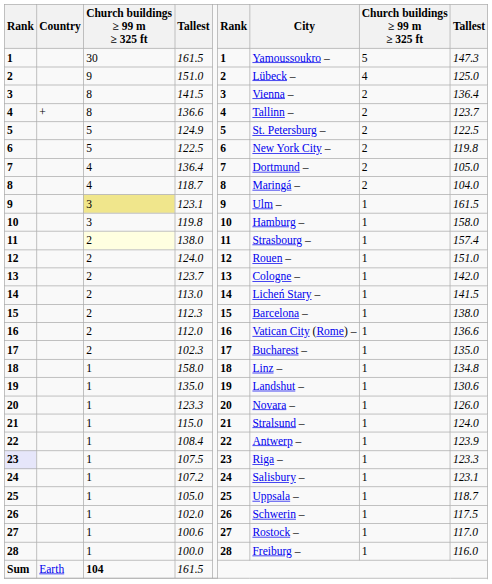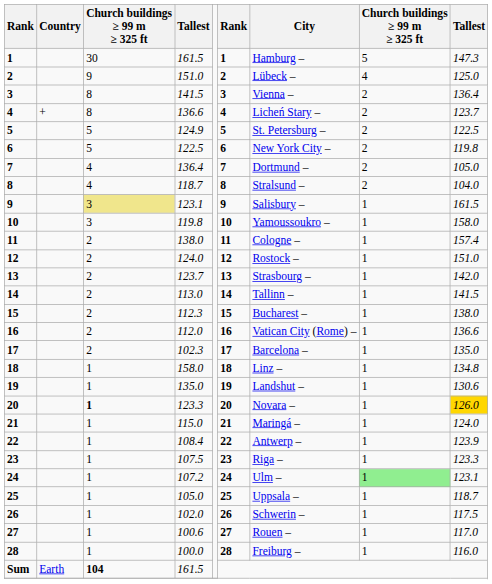 <table class ="wikitable" align="center">
 <tr>
 <th>Rank</th>
 <th>Country</th>
 <th>Church buildings<br>≥ 99 m<br>≥ 325 ft</th>
 <th>Tallest</th>
 <td rowspan=30></td>
 <th>Rank</th>
 <th>City</th>
 <th>Church buildings<br>≥ 99 m<br>≥ 325 ft</th>
 <th>Tallest</th>
 </tr>
 <tr>
 <td><strong>1</strong></td>
 <td></td>
 <td>30</td>
 <td><em>161.5</em></td>
 <td><strong>1</strong></td>
-<td><a href='#'>Yamoussoukro</a> – </td>
+<td><a href='#'>Hamburg</a> – </td>
 <td>5</td>
 <td><em>147.3</em></td>
 </tr>
 <tr>
 <td><strong>2</strong></td>
 <td></td>
 <td>9</td>
 <td><em>151.0</em></td>
 <td><strong>2</strong></td>
 <td><a href='#'>Lübeck</a> – </td>
 <td>4</td>
 <td><em>125.0</em></td>
 </tr>
 <tr>
 <td><strong>3</strong></td>
 <td></td>
 <td>8</td>
 <td><em>141.5</em></td>
 <td><strong>3</strong></td>
 <td><a href='#'>Vienna</a> – </td>
 <td>2</td>
 <td><em>136.4</em></td>
 </tr>
 <tr>
 <td><strong>4</strong></td>
 <td> + </td>
 <td>8 </td>
 <td><em>136.6</em></td>
 <td><strong>4</strong></td>
-<td><a href='#'>Tallinn</a> – </td>
+<td><a href='#'>Licheń Stary</a> – </td>
 <td>2</td>
 <td><em>123.7</em></td>
 </tr>
 <tr>
 <td><strong>5</strong></td>
 <td></td>
 <td>5 </td>
 <td><em>124.9</em></td>
 <td><strong>5</strong></td>
 <td><a href='#'>St. Petersburg</a> – </td>
 <td>2</td>
 <td><em>122.5</em></td>
 </tr>
 <tr>
 <td><strong>6</strong></td>
 <td></td>
 <td>5</td>
 <td><em>122.5</em></td>
 <td><strong>6</strong></td>
 <td><a href='#'>New York City</a> – </td>
 <td>2</td>
 <td><em>119.8</em></td>
 </tr>
 <tr>
 <td><strong>7</strong></td>
 <td></td>
 <td>4</td>
 <td><em>136.4</em></td>
 <td><strong>7</strong></td>
 <td><a href='#'>Dortmund</a> – </td>
 <td>2</td>
 <td><em>105.0</em></td>
 </tr>
 <tr>
 <td><strong>8</strong></td>
 <td></td>
 <td>4</td>
 <td><em>118.7</em></td>
 <td><strong>8</strong></td>
-<td><a href='#'>Maringá</a> – </td>
+<td><a href='#'>Stralsund</a> – </td>
 <td>2</td>
 <td><em>104.0</em></td>
 </tr>
 <tr>
 <td><strong>9</strong></td>
 <td></td>
 <td style="background: khaki;">3 </td>
 <td><em>123.1</em></td>
 <td><strong>9</strong></td>
-<td><a href='#'>Ulm</a> – </td>
+<td><a href='#'>Salisbury</a> – </td>
 <td>1</td>
 <td><em>161.5</em></td>
 </tr>
 <tr>
 <td><strong>10</strong></td>
 <td></td>
 <td>3</td>
 <td><em>119.8</em></td>
 <td><strong>10</strong></td>
-<td><a href='#'>Hamburg</a> – </td>
+<td><a href='#'>Yamoussoukro</a> – </td>
 <td>1</td>
 <td><em>158.0</em></td>
 </tr>
 <tr>
 <td><strong>11</strong></td>
 <td></td>
-<td style="background: lightyellow;">2 </td>
+<td>2 </td>
 <td><em>138.0</em></td>
 <td><strong>11</strong></td>
-<td><a href='#'>Strasbourg</a> – </td>
+<td><a href='#'>Cologne</a> – </td>
 <td>1</td>
 <td><em>157.4</em></td>
 </tr>
 <tr>
 <td><strong>12</strong></td>
 <td></td>
 <td>2</td>
 <td><em>124.0</em></td>
 <td><strong>12</strong></td>
-<td><a href='#'>Rouen</a> – </td>
+<td><a href='#'>Rostock</a> – </td>
 <td>1</td>
 <td><em>151.0</em></td>
 </tr>
 <tr>
 <td><strong>13</strong></td>
 <td></td>
 <td>2</td>
 <td><em>123.7</em></td>
 <td><strong>13</strong></td>
-<td><a href='#'>Cologne</a> – </td>
+<td><a href='#'>Strasbourg</a> – </td>
 <td>1</td>
 <td><em>142.0</em></td>
 </tr>
 <tr>
 <td><strong>14</strong></td>
 <td></td>
 <td>2</td>
 <td><em>113.0</em></td>
 <td><strong>14</strong></td>
-<td><a href='#'>Licheń Stary</a> – </td>
+<td><a href='#'>Tallinn</a> – </td>
 <td>1</td>
 <td><em>141.5</em></td>
 </tr>
 <tr>
 <td><strong>15</strong></td>
 <td></td>
 <td>2</td>
 <td><em>112.3</em></td>
 <td><strong>15</strong></td>
-<td><a href='#'>Barcelona</a> – </td>
+<td><a href='#'>Bucharest</a> – </td>
 <td>1 </td>
 <td><em>138.0</em></td>
 </tr>
 <tr>
 <td><strong>16</strong></td>
 <td></td>
 <td>2</td>
 <td><em>112.0</em></td>
 <td><strong>16</strong></td>
 <td><a href='#'>Vatican City</a> (<a href='#'>Rome</a>) – </td>
 <td>1</td>
 <td><em>136.6</em></td>
 </tr>
 <tr>
 <td><strong>17</strong></td>
 <td></td>
 <td>2</td>
 <td><em>102.3</em></td>
 <td><strong>17</strong></td>
-<td><a href='#'>Bucharest</a> – </td>
+<td><a href='#'>Barcelona</a> – </td>
 <td>1 </td>
 <td><em>135.0</em></td>
 </tr>
 <tr>
 <td><strong>18</strong></td>
 <td></td>
 <td>1</td>
 <td><em>158.0</em></td>
 <td><strong>18</strong></td>
 <td><a href='#'>Linz</a> – </td>
 <td>1</td>
 <td><em>134.8</em></td>
 </tr>
 <tr>
 <td><strong>19</strong></td>
 <td></td>
 <td>1 </td>
 <td><em>135.0</em></td>
 <td><strong>19</strong></td>
 <td><a href='#'>Landshut</a> – </td>
 <td>1</td>
 <td><em>130.6</em></td>
 </tr>
 <tr>
 <td><strong>20</strong></td>
 <td></td>
-<td>1</td>
+<td><strong>1</strong></td>
 <td><em>123.3</em></td>
 <td><strong>20</strong></td>
 <td><a href='#'>Novara</a> – </td>
 <td>1</td>
-<td><em>126.0</em></td>
+<td style="background: gold;"><em>126.0</em></td>
 </tr>
 <tr>
 <td><strong>21</strong></td>
 <td></td>
 <td>1</td>
 <td><em>115.0</em></td>
 <td><strong>21</strong></td>
-<td><a href='#'>Stralsund</a> – </td>
+<td><a href='#'>Maringá</a> – </td>
 <td>1</td>
 <td><em>124.0</em></td>
 </tr>
 <tr>
 <td><strong>22</strong></td>
 <td></td>
 <td>1</td>
 <td><em>108.4</em></td>
 <td><strong>22</strong></td>
 <td><a href='#'>Antwerp</a> – </td>
 <td>1</td>
 <td><em>123.9</em></td>
 </tr>
 <tr>
-<td style="background: lavender;"><strong>23</strong></td>
+<td><strong>23</strong></td>
 <td></td>
 <td>1</td>
 <td><em>107.5</em></td>
 <td><strong>23</strong></td>
 <td><a href='#'>Riga</a> – </td>
 <td>1</td>
 <td><em>123.3</em></td>
 </tr>
 <tr>
 <td><strong>24</strong></td>
 <td></td>
 <td>1</td>
 <td><em>107.2</em></td>
 <td><strong>24</strong></td>
-<td><a href='#'>Salisbury</a> – </td>
-<td>1</td>
+<td><a href='#'>Ulm</a> – </td>
+<td style="background: lightgreen;">1</td>
 <td><em>123.1</em></td>
 </tr>
 <tr>
 <td><strong>25</strong></td>
 <td></td>
 <td>1</td>
 <td><em>105.0</em></td>
 <td><strong>25</strong></td>
 <td><a href='#'>Uppsala</a> – </td>
 <td>1</td>
 <td><em>118.7</em></td>
 </tr>
 <tr>
 <td><strong>26</strong></td>
 <td></td>
 <td>1 </td>
 <td><em>102.0</em></td>
 <td><strong>26</strong></td>
 <td><a href='#'>Schwerin</a> – </td>
 <td>1</td>
 <td><em>117.5</em></td>
 </tr>
 <tr>
 <td><strong>27</strong></td>
 <td></td>
 <td>1</td>
 <td><em>100.6</em></td>
 <td><strong>27</strong></td>
-<td><a href='#'>Rostock</a> – </td>
+<td><a href='#'>Rouen</a> – </td>
 <td>1</td>
 <td><em>117.0</em></td>
 </tr>
 <tr>
 <td><strong>28</strong></td>
 <td></td>
 <td>1</td>
 <td><em>100.0</em></td>
 <td><strong>28</strong></td>
 <td><a href='#'>Freiburg</a> – </td>
 <td>1</td>
 <td><em>116.0</em></td>
 </tr>
 <tr>
 <td><strong>Sum</strong></td>
 <td> <a href='#'>Earth</a></td>
 <td><strong>104</strong> </td>
 <td><em>161.5</em></td>
 </tr>
 <tr>
 </tr>
 </table>
